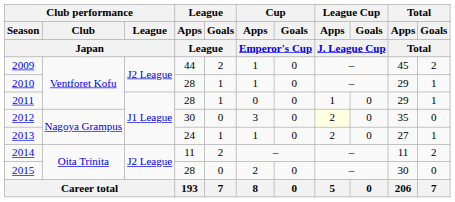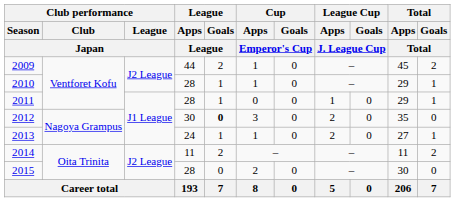 <table class="wikitable" style="text-align:center">
 <tr>
 <th colspan=3>Club performance</th>
 <th colspan=2>League</th>
 <th colspan=2>Cup</th>
 <th colspan=2>League Cup</th>
 <th colspan=2>Total</th>
 </tr>
 <tr>
 <th>Season</th>
 <th>Club</th>
 <th>League</th>
 <th>Apps</th>
 <th>Goals</th>
 <th>Apps</th>
 <th>Goals</th>
 <th>Apps</th>
 <th>Goals</th>
 <th>Apps</th>
 <th>Goals</th>
 </tr>
 <tr>
 <th colspan=3>Japan</th>
 <th colspan=2>League</th>
 <th colspan=2><a href='#'>Emperor's Cup</a></th>
 <th colspan=2><a href='#'>J. League Cup</a></th>
 <th colspan=2>Total</th>
 </tr>
 <tr>
 <td><a href='#'>2009</a></td>
 <td rowspan="3"><a href='#'>Ventforet Kofu</a></td>
 <td rowspan="2"><a href='#'>J2 League</a></td>
 <td>44</td>
 <td>2</td>
 <td>1</td>
 <td>0</td>
 <td colspan="2">–</td>
 <td>45</td>
 <td>2</td>
 </tr>
 <tr>
 <td><a href='#'>2010</a></td>
 <td>28</td>
 <td>1</td>
 <td>1</td>
 <td>0</td>
 <td colspan="2">–</td>
 <td>29</td>
 <td>1</td>
 </tr>
 <tr>
 <td><a href='#'>2011</a></td>
 <td rowspan="3"><a href='#'>J1 League</a></td>
 <td>28</td>
 <td>1</td>
 <td>0</td>
 <td>0</td>
 <td>1</td>
 <td>0</td>
 <td>29</td>
 <td>1</td>
 </tr>
 <tr>
 <td><a href='#'>2012</a></td>
 <td rowspan="2"><a href='#'>Nagoya Grampus</a></td>
 <td>30</td>
-<td>0</td>
+<td><strong>0</strong></td>
 <td>3</td>
 <td>0</td>
-<td style="background: lightyellow;">2</td>
+<td>2</td>
 <td>0</td>
 <td>35</td>
 <td>0</td>
 </tr>
 <tr>
 <td><a href='#'>2013</a></td>
 <td>24</td>
 <td>1</td>
 <td>1</td>
 <td>0</td>
 <td>2</td>
 <td>0</td>
 <td>27</td>
 <td>1</td>
 </tr>
 <tr>
 <td><a href='#'>2014</a></td>
 <td rowspan="2"><a href='#'>Oita Trinita</a></td>
 <td rowspan="2"><a href='#'>J2 League</a></td>
 <td>11</td>
 <td>2</td>
 <td colspan="2">–</td>
 <td colspan="2">–</td>
 <td>11</td>
 <td>2</td>
 </tr>
 <tr>
 <td><a href='#'>2015</a></td>
 <td>28</td>
 <td>0</td>
 <td>2</td>
 <td>0</td>
 <td colspan="2">–</td>
 <td>30</td>
 <td>0</td>
 </tr>
 <tr>
 <th colspan=3>Career total</th>
 <th>193</th>
 <th>7</th>
 <th>8</th>
 <th>0</th>
 <th>5</th>
 <th>0</th>
 <th>206</th>
 <th>7</th>
 </tr>
 </table>
